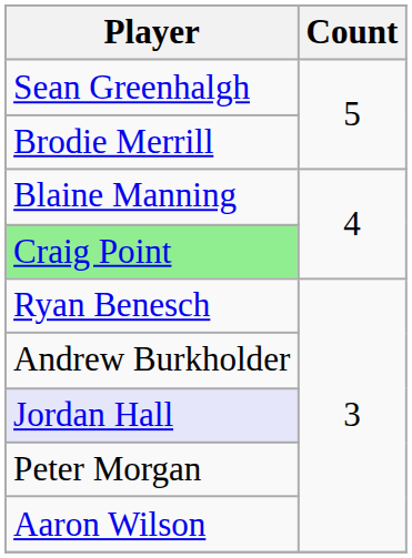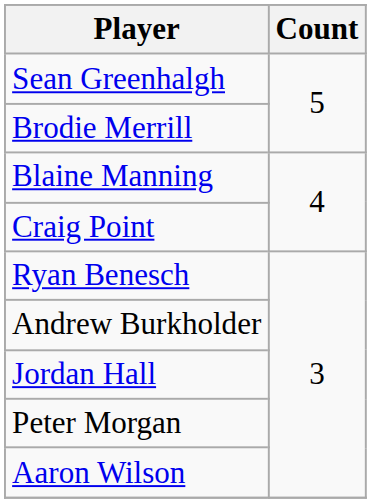 <table class="wikitable">
 <tr>
 <th>Player</th>
 <th>Count</th>
 </tr>
 <tr>
 <td><a href='#'>Sean Greenhalgh</a></td>
 <td rowspan="2" align="center">5</td>
 </tr>
 <tr>
 <td><a href='#'>Brodie Merrill</a></td>
 </tr>
 <tr>
 <td><a href='#'>Blaine Manning</a></td>
 <td align="center" rowspan="2">4</td>
 </tr>
 <tr>
-<td style="background: lightgreen;"><a href='#'>Craig Point</a></td>
+<td><a href='#'>Craig Point</a></td>
 </tr>
 <tr>
 <td><a href='#'>Ryan Benesch</a></td>
 <td align="center" rowspan="5">3</td>
 </tr>
 <tr>
 <td>Andrew Burkholder</td>
 </tr>
 <tr>
-<td style="background: lavender;"><a href='#'>Jordan Hall</a></td>
+<td><a href='#'>Jordan Hall</a></td>
 </tr>
 <tr>
 <td>Peter Morgan</td>
 </tr>
 <tr>
 <td><a href='#'>Aaron Wilson</a></td>
 </tr>
 <tr>
 </tr>
 </table>
